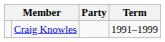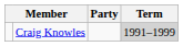 <table class="wikitable">
 <tr>
 <th colspan="2">Member</th>
 <th>Party</th>
 <th>Term</th>
 </tr>
 <tr>
 <td> </td>
 <td><a href='#'>Craig Knowles</a></td>
 <td></td>
-<td>1991–1999</td>
+<td style="background: lightgrey;">1991–1999</td>
 </tr>
 </table>
